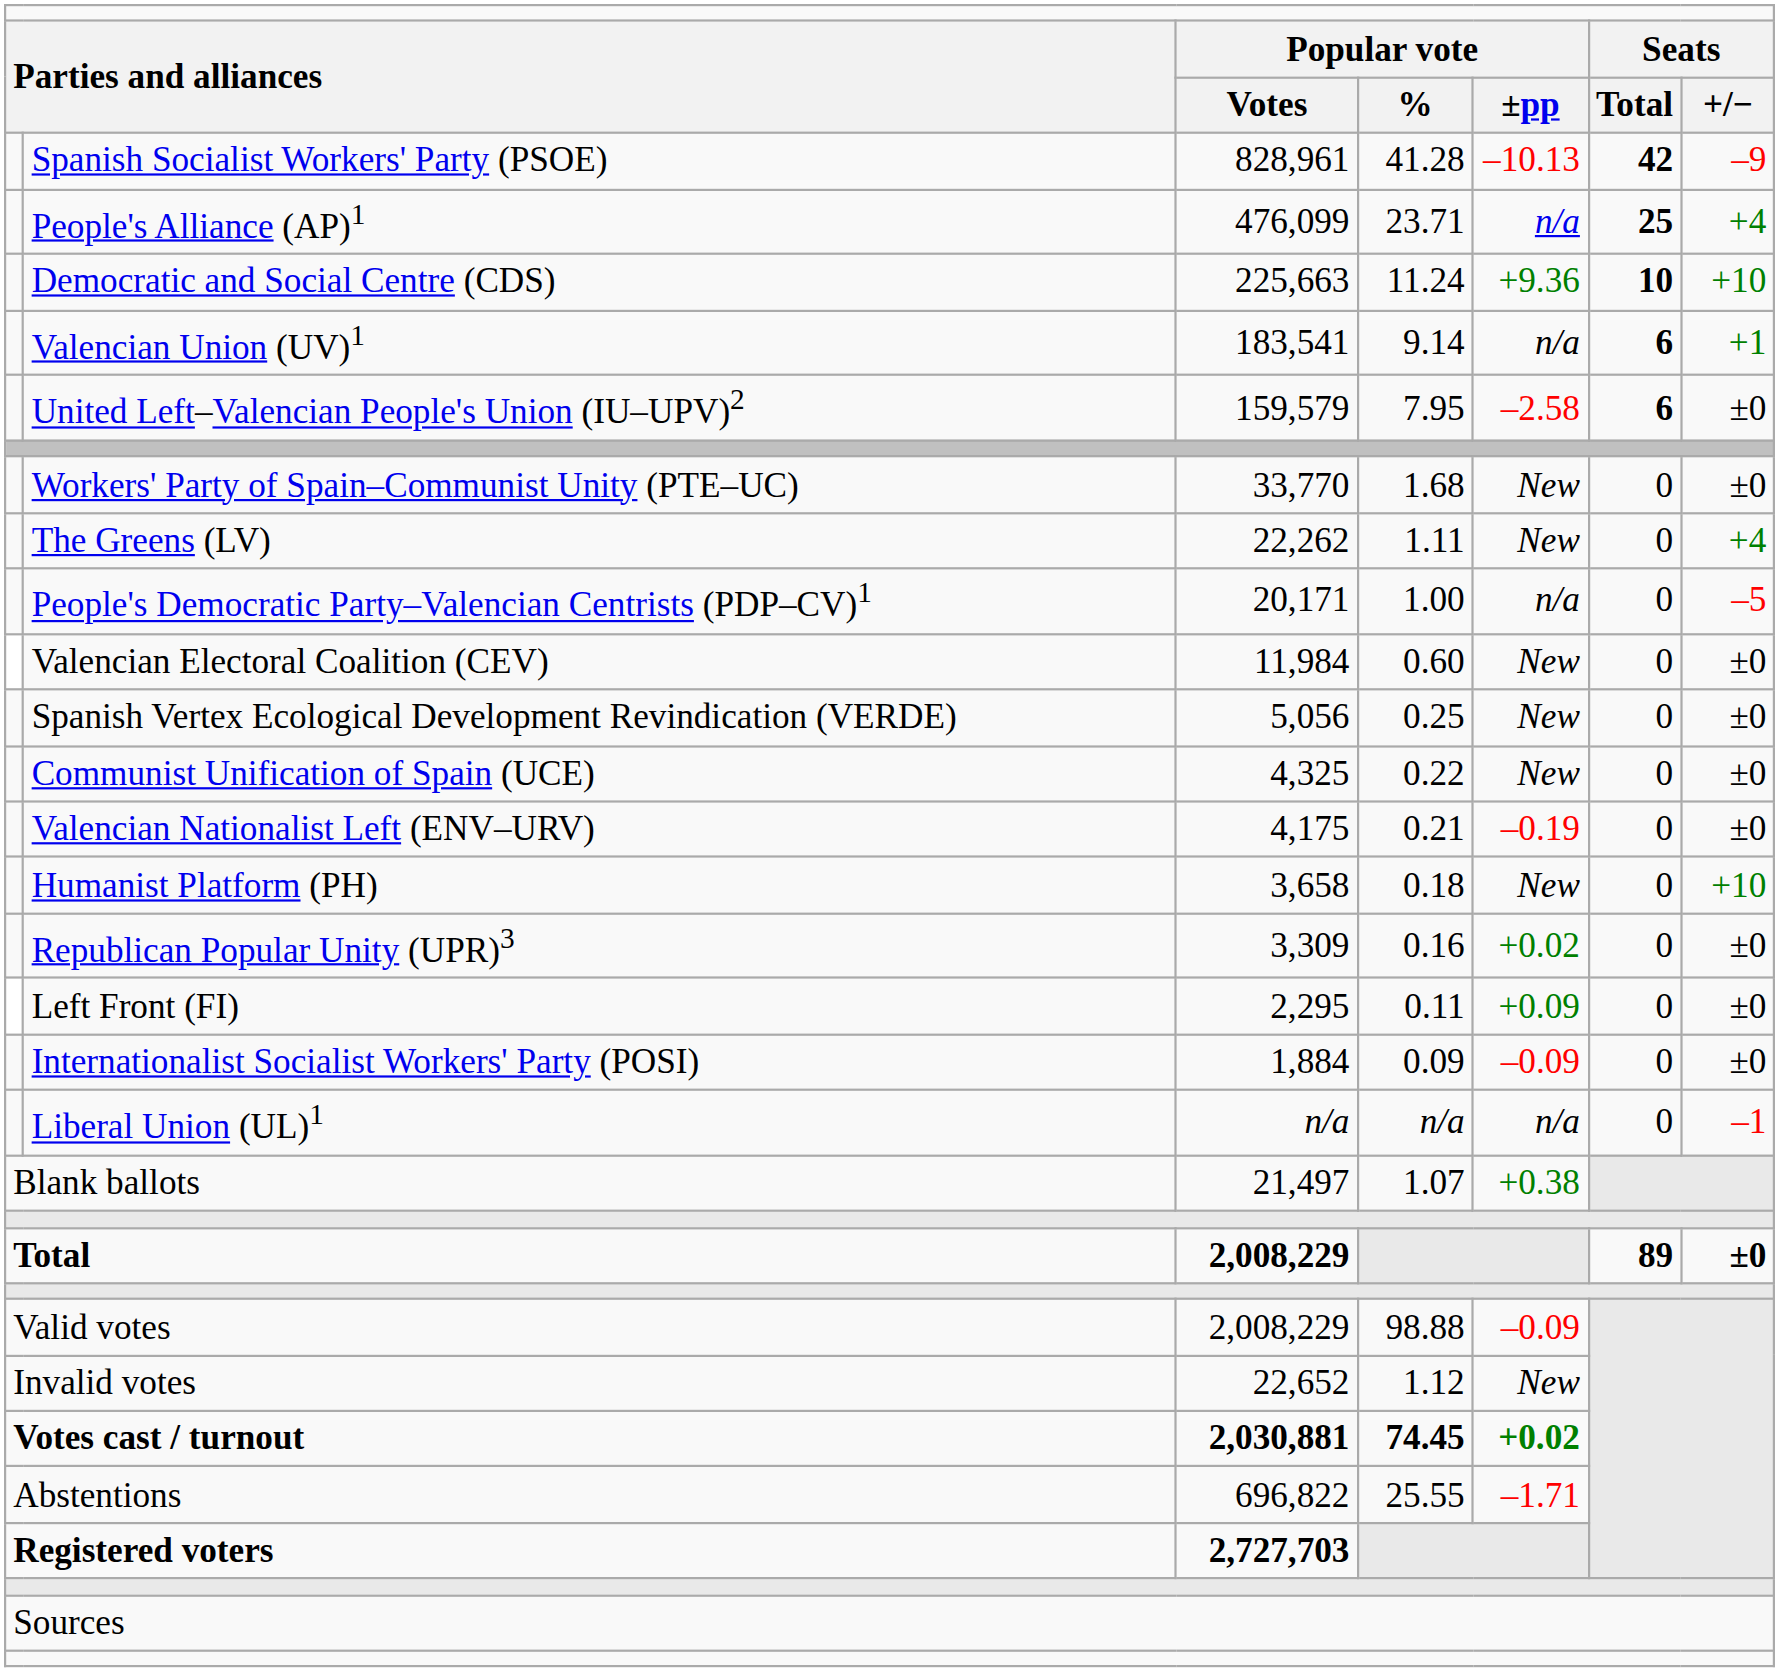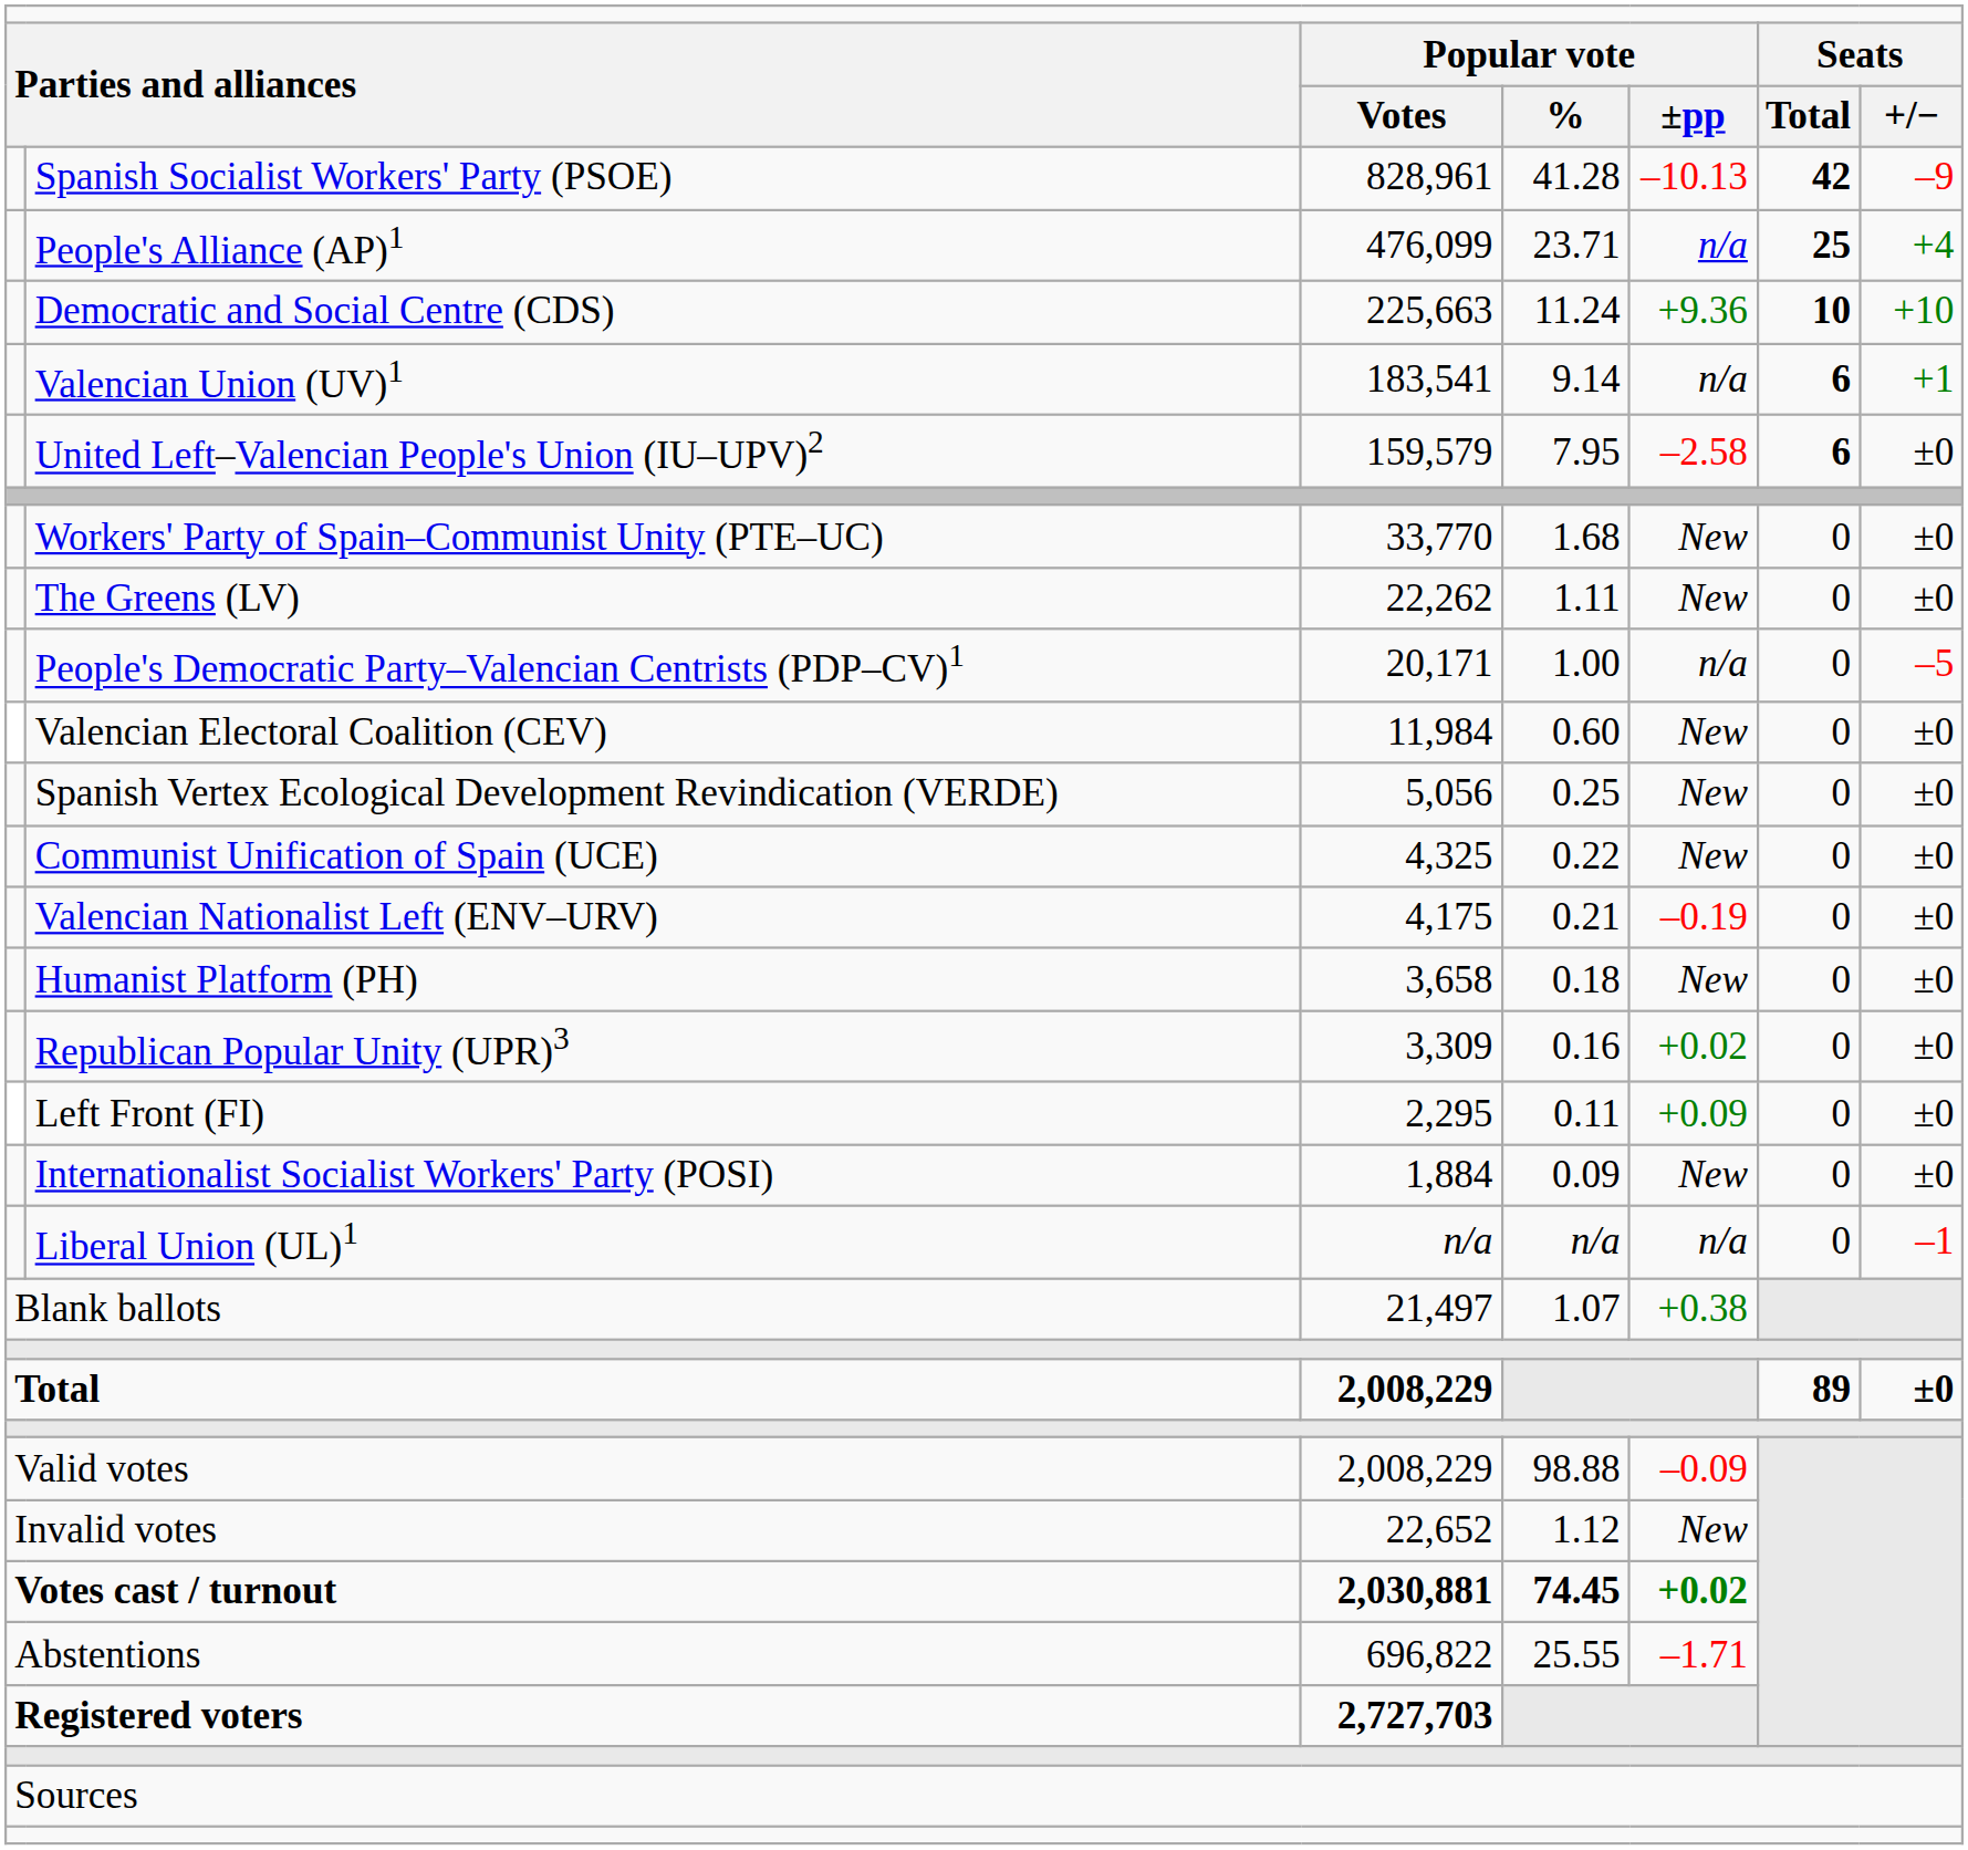 <table class="wikitable" style="text-align:right;">
 <tr>
 <td colspan="7"></td>
 </tr>
 <tr>
 <th style="text-align:left;" rowspan="2" colspan="2" width="525">Parties and alliances</th>
 <th colspan="3">Popular vote</th>
 <th colspan="2">Seats</th>
 </tr>
 <tr>
 <th width="75">Votes</th>
 <th width="45">%</th>
 <th width="45">±<a href='#'>pp</a></th>
 <th width="35">Total</th>
 <th width="35">+/−</th>
 </tr>
 <tr>
 <td width="1" style="color:inherit;background:"></td>
 <td align="left"><a href='#'>Spanish Socialist Workers' Party</a> (PSOE)</td>
 <td>828,961</td>
 <td>41.28</td>
 <td style="color:red;">–10.13</td>
 <td><strong>42</strong></td>
 <td style="color:red;">–9</td>
 </tr>
 <tr>
 <td style="color:inherit;background:"></td>
 <td align="left"><a href='#'>People's Alliance</a> (AP)<sup>1</sup></td>
 <td>476,099</td>
 <td>23.71</td>
 <td><em><a href='#'>n/a</a></em></td>
 <td><strong>25</strong></td>
 <td style="color:green;">+4</td>
 </tr>
 <tr>
 <td style="color:inherit;background:"></td>
 <td align="left"><a href='#'>Democratic and Social Centre</a> (CDS)</td>
 <td>225,663</td>
 <td>11.24</td>
 <td style="color:green;">+9.36</td>
 <td><strong>10</strong></td>
 <td style="color:green;">+10</td>
 </tr>
 <tr>
 <td style="color:inherit;background:"></td>
 <td align="left"><a href='#'>Valencian Union</a> (UV)<sup>1</sup></td>
 <td>183,541</td>
 <td>9.14</td>
 <td><em>n/a</em></td>
 <td><strong>6</strong></td>
 <td style="color:green;">+1</td>
 </tr>
 <tr>
 <td style="color:inherit;background:"></td>
 <td align="left"><a href='#'>United Left</a>–<a href='#'>Valencian People's Union</a> (IU–UPV)<sup>2</sup></td>
 <td>159,579</td>
 <td>7.95</td>
 <td style="color:red;">–2.58</td>
 <td><strong>6</strong></td>
 <td>±0</td>
 </tr>
 <tr>
 <td colspan="7" bgcolor="#C0C0C0"></td>
 </tr>
 <tr>
 <td style="color:inherit;background:"></td>
 <td align="left"><a href='#'>Workers' Party of Spain–Communist Unity</a> (PTE–UC)</td>
 <td>33,770</td>
 <td>1.68</td>
 <td><em>New</em></td>
 <td>0</td>
 <td>±0</td>
 </tr>
 <tr>
 <td style="color:inherit;background:"></td>
 <td align="left"><a href='#'>The Greens</a> (LV)</td>
 <td>22,262</td>
 <td>1.11</td>
 <td><em>New</em></td>
 <td>0</td>
-<td style="color:green;">+4</td>
+<td>±0</td>
 </tr>
 <tr>
 <td style="color:inherit;background:"></td>
 <td align="left"><a href='#'>People's Democratic Party–Valencian Centrists</a> (PDP–CV)<sup>1</sup></td>
 <td>20,171</td>
 <td>1.00</td>
 <td><em>n/a</em></td>
 <td>0</td>
 <td style="color:red;">–5</td>
 </tr>
 <tr>
 <td bgcolor="white"></td>
 <td align="left">Valencian Electoral Coalition (CEV)</td>
 <td>11,984</td>
 <td>0.60</td>
 <td><em>New</em></td>
 <td>0</td>
 <td>±0</td>
 </tr>
 <tr>
 <td style="color:inherit;background:"></td>
 <td align="left">Spanish Vertex Ecological Development Revindication (VERDE)</td>
 <td>5,056</td>
 <td>0.25</td>
 <td><em>New</em></td>
 <td>0</td>
 <td>±0</td>
 </tr>
 <tr>
 <td style="color:inherit;background:"></td>
 <td align="left"><a href='#'>Communist Unification of Spain</a> (UCE)</td>
 <td>4,325</td>
 <td>0.22</td>
 <td><em>New</em></td>
 <td>0</td>
 <td>±0</td>
 </tr>
 <tr>
 <td style="color:inherit;background:"></td>
 <td align="left"><a href='#'>Valencian Nationalist Left</a> (ENV–URV)</td>
 <td>4,175</td>
 <td>0.21</td>
 <td style="color:red;">–0.19</td>
 <td>0</td>
 <td>±0</td>
 </tr>
 <tr>
 <td style="color:inherit;background:"></td>
 <td align="left"><a href='#'>Humanist Platform</a> (PH)</td>
 <td>3,658</td>
 <td>0.18</td>
 <td><em>New</em></td>
 <td>0</td>
-<td style="color:green;">+10</td>
+<td>±0</td>
 </tr>
 <tr>
 <td style="color:inherit;background:"></td>
 <td align="left"><a href='#'>Republican Popular Unity</a> (UPR)<sup>3</sup></td>
 <td>3,309</td>
 <td>0.16</td>
 <td style="color:green;">+0.02</td>
 <td>0</td>
 <td>±0</td>
 </tr>
 <tr>
 <td bgcolor="white"></td>
 <td align="left">Left Front (FI)</td>
 <td>2,295</td>
 <td>0.11</td>
 <td style="color:green;">+0.09</td>
 <td>0</td>
 <td>±0</td>
 </tr>
 <tr>
 <td style="color:inherit;background:"></td>
 <td align="left"><a href='#'>Internationalist Socialist Workers' Party</a> (POSI)</td>
 <td>1,884</td>
 <td>0.09</td>
-<td style="color:red;">–0.09</td>
+<td><em>New</em></td>
 <td>0</td>
 <td>±0</td>
 </tr>
 <tr>
 <td style="color:inherit;background:"></td>
 <td align="left"><a href='#'>Liberal Union</a> (UL)<sup>1</sup></td>
 <td><em>n/a</em></td>
 <td><em>n/a</em></td>
 <td><em>n/a</em></td>
 <td>0</td>
 <td style="color:red;">–1</td>
 </tr>
 <tr>
 <td align="left" colspan="2">Blank ballots</td>
 <td>21,497</td>
 <td>1.07</td>
 <td style="color:green;">+0.38</td>
 <td bgcolor="#E9E9E9" colspan="2"></td>
 </tr>
 <tr>
 <td colspan="7" bgcolor="#E9E9E9"></td>
 </tr>
 <tr style="font-weight:bold;">
 <td align="left" colspan="2">Total</td>
 <td>2,008,229</td>
 <td bgcolor="#E9E9E9" colspan="2"></td>
 <td>89</td>
 <td>±0</td>
 </tr>
 <tr>
 <td colspan="7" bgcolor="#E9E9E9"></td>
 </tr>
 <tr>
 <td align="left" colspan="2">Valid votes</td>
 <td>2,008,229</td>
 <td>98.88</td>
 <td style="color:red;">–0.09</td>
 <td bgcolor="#E9E9E9" colspan="2" rowspan="5"></td>
 </tr>
 <tr>
 <td align="left" colspan="2">Invalid votes</td>
 <td>22,652</td>
 <td>1.12</td>
 <td><em>New</em></td>
 </tr>
 <tr style="font-weight:bold;">
 <td align="left" colspan="2">Votes cast / turnout</td>
 <td>2,030,881</td>
 <td>74.45</td>
 <td style="color:green;">+0.02</td>
 </tr>
 <tr>
 <td align="left" colspan="2">Abstentions</td>
 <td>696,822</td>
 <td>25.55</td>
 <td style="color:red;">–1.71</td>
 </tr>
 <tr style="font-weight:bold;">
 <td align="left" colspan="2">Registered voters</td>
 <td>2,727,703</td>
 <td bgcolor="#E9E9E9" colspan="2"></td>
 </tr>
 <tr>
 <td colspan="7" bgcolor="#E9E9E9"></td>
 </tr>
 <tr>
 <td align="left" colspan="7">Sources</td>
 </tr>
 <tr>
 <td colspan="7" style="text-align:left; max-width:790px;"></td>
 </tr>
 </table>
